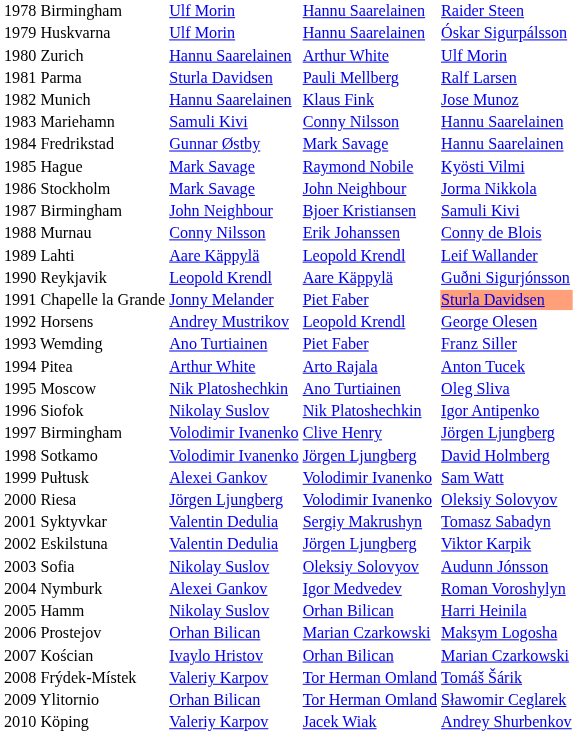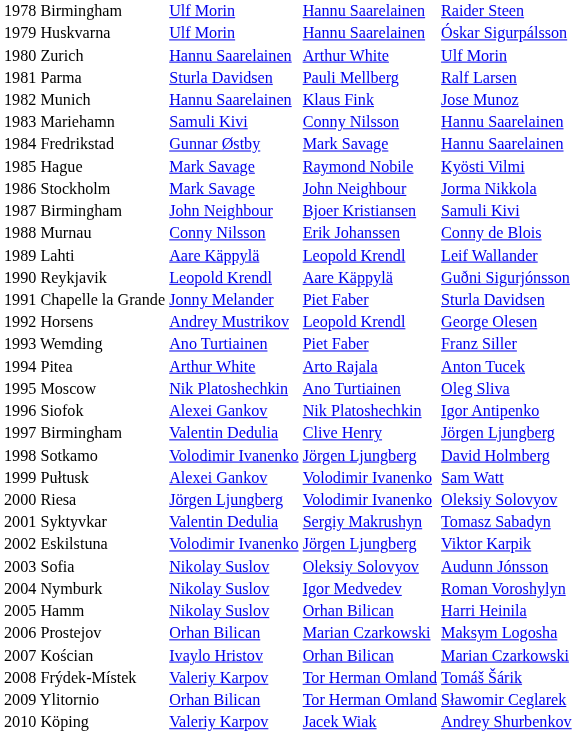 <table>
 <tr>
 <td>1978 Birmingham</td>
 <td> <a href='#'>Ulf Morin</a></td>
 <td> <a href='#'>Hannu Saarelainen</a></td>
 <td> <a href='#'>Raider Steen</a></td>
 </tr>
 <tr>
 <td>1979 Huskvarna</td>
 <td> <a href='#'>Ulf Morin</a></td>
 <td> <a href='#'>Hannu Saarelainen</a></td>
 <td> <a href='#'>Óskar Sigurpálsson</a></td>
 </tr>
 <tr>
 <td>1980 Zurich</td>
 <td> <a href='#'>Hannu Saarelainen</a></td>
 <td> <a href='#'>Arthur White</a></td>
 <td> <a href='#'>Ulf Morin</a></td>
 </tr>
 <tr>
 <td>1981 Parma</td>
 <td> <a href='#'>Sturla Davidsen</a></td>
 <td> <a href='#'>Pauli Mellberg</a></td>
 <td> <a href='#'>Ralf Larsen</a></td>
 </tr>
 <tr>
 <td>1982 Munich</td>
 <td> <a href='#'>Hannu Saarelainen</a></td>
 <td> <a href='#'>Klaus Fink</a></td>
 <td> <a href='#'>Jose Munoz</a></td>
 </tr>
 <tr>
 <td>1983 Mariehamn</td>
 <td> <a href='#'>Samuli Kivi</a></td>
 <td> <a href='#'>Conny Nilsson</a></td>
 <td> <a href='#'>Hannu Saarelainen</a></td>
 </tr>
 <tr>
 <td>1984 Fredrikstad</td>
 <td> <a href='#'>Gunnar Østby</a></td>
 <td> <a href='#'>Mark Savage</a></td>
 <td> <a href='#'>Hannu Saarelainen</a></td>
 </tr>
 <tr>
 <td>1985 Hague</td>
 <td> <a href='#'>Mark Savage</a></td>
 <td> <a href='#'>Raymond Nobile</a></td>
 <td> <a href='#'>Kyösti Vilmi</a></td>
 </tr>
 <tr>
 <td>1986 Stockholm</td>
 <td> <a href='#'>Mark Savage</a></td>
 <td> <a href='#'>John Neighbour</a></td>
 <td> <a href='#'>Jorma Nikkola</a></td>
 </tr>
 <tr>
 <td>1987 Birmingham</td>
 <td> <a href='#'>John Neighbour</a></td>
 <td> <a href='#'>Bjoer Kristiansen</a></td>
 <td> <a href='#'>Samuli Kivi</a></td>
 </tr>
 <tr>
 <td>1988 Murnau</td>
 <td> <a href='#'>Conny Nilsson</a></td>
 <td> <a href='#'>Erik Johanssen</a></td>
 <td> <a href='#'>Conny de Blois</a></td>
 </tr>
 <tr>
 <td>1989 Lahti</td>
 <td> <a href='#'>Aare Käppylä</a></td>
 <td> <a href='#'>Leopold Krendl</a></td>
 <td> <a href='#'>Leif Wallander</a></td>
 </tr>
 <tr>
 <td>1990 Reykjavik</td>
 <td> <a href='#'>Leopold Krendl</a></td>
 <td> <a href='#'>Aare Käppylä</a></td>
 <td> <a href='#'>Guðni Sigurjónsson</a></td>
 </tr>
 <tr>
 <td>1991 Chapelle la Grande</td>
 <td> <a href='#'>Jonny Melander</a></td>
 <td> <a href='#'>Piet Faber</a></td>
-<td style="background: lightsalmon;"> <a href='#'>Sturla Davidsen</a></td>
+<td> <a href='#'>Sturla Davidsen</a></td>
 </tr>
 <tr>
 <td>1992 Horsens</td>
 <td> <a href='#'>Andrey Mustrikov</a></td>
 <td> <a href='#'>Leopold Krendl</a></td>
 <td> <a href='#'>George Olesen</a></td>
 </tr>
 <tr>
 <td>1993 Wemding</td>
 <td> <a href='#'>Ano Turtiainen</a></td>
 <td> <a href='#'>Piet Faber</a></td>
 <td> <a href='#'>Franz Siller</a></td>
 </tr>
 <tr>
 <td>1994 Pitea</td>
 <td> <a href='#'>Arthur White</a></td>
 <td> <a href='#'>Arto Rajala</a></td>
 <td> <a href='#'>Anton Tucek</a></td>
 </tr>
 <tr>
 <td>1995 Moscow</td>
 <td> <a href='#'>Nik Platoshechkin</a></td>
 <td> <a href='#'>Ano Turtiainen</a></td>
 <td> <a href='#'>Oleg Sliva</a></td>
 </tr>
 <tr>
 <td>1996 Siofok</td>
-<td> <a href='#'>Nikolay Suslov</a></td>
+<td> <a href='#'>Alexei Gankov</a></td>
 <td> <a href='#'>Nik Platoshechkin</a></td>
 <td> <a href='#'>Igor Antipenko</a></td>
 </tr>
 <tr>
 <td>1997 Birmingham</td>
-<td> <a href='#'>Volodimir Ivanenko</a></td>
+<td> <a href='#'>Valentin Dedulia</a></td>
 <td> <a href='#'>Clive Henry</a></td>
 <td> <a href='#'>Jörgen Ljungberg</a></td>
 </tr>
 <tr>
 <td>1998 Sotkamo</td>
 <td> <a href='#'>Volodimir Ivanenko</a></td>
 <td> <a href='#'>Jörgen Ljungberg</a></td>
 <td> <a href='#'>David Holmberg</a></td>
 </tr>
 <tr>
 <td>1999 Pułtusk</td>
 <td> <a href='#'>Alexei Gankov</a></td>
 <td> <a href='#'>Volodimir Ivanenko</a></td>
 <td> <a href='#'>Sam Watt</a></td>
 </tr>
 <tr>
 <td>2000 Riesa</td>
 <td> <a href='#'>Jörgen Ljungberg</a></td>
 <td> <a href='#'>Volodimir Ivanenko</a></td>
 <td> <a href='#'>Oleksiy Solovyov</a></td>
 </tr>
 <tr>
 <td>2001 Syktyvkar</td>
 <td> <a href='#'>Valentin Dedulia</a></td>
 <td> <a href='#'>Sergiy Makrushyn</a></td>
 <td> <a href='#'>Tomasz Sabadyn</a></td>
 </tr>
 <tr>
 <td>2002 Eskilstuna</td>
-<td> <a href='#'>Valentin Dedulia</a></td>
+<td> <a href='#'>Volodimir Ivanenko</a></td>
 <td> <a href='#'>Jörgen Ljungberg</a></td>
 <td> <a href='#'>Viktor Karpik</a></td>
 </tr>
 <tr>
 <td>2003 Sofia</td>
 <td> <a href='#'>Nikolay Suslov</a></td>
 <td> <a href='#'>Oleksiy Solovyov</a></td>
 <td> <a href='#'>Audunn Jónsson</a></td>
 </tr>
 <tr>
 <td>2004 Nymburk</td>
-<td> <a href='#'>Alexei Gankov</a></td>
+<td> <a href='#'>Nikolay Suslov</a></td>
 <td> <a href='#'>Igor Medvedev</a></td>
 <td> <a href='#'>Roman Voroshylyn</a></td>
 </tr>
 <tr>
 <td>2005 Hamm</td>
 <td> <a href='#'>Nikolay Suslov</a></td>
 <td> <a href='#'>Orhan Bilican</a></td>
 <td> <a href='#'>Harri Heinila</a></td>
 </tr>
 <tr>
 <td>2006 Prostejov</td>
 <td> <a href='#'>Orhan Bilican</a></td>
 <td> <a href='#'>Marian Czarkowski</a></td>
 <td> <a href='#'>Maksym Logosha</a></td>
 </tr>
 <tr>
 <td>2007 Kościan</td>
 <td> <a href='#'>Ivaylo Hristov</a></td>
 <td> <a href='#'>Orhan Bilican</a></td>
 <td> <a href='#'>Marian Czarkowski</a></td>
 </tr>
 <tr>
 <td>2008 Frýdek-Místek</td>
 <td> <a href='#'>Valeriy Karpov</a></td>
 <td> <a href='#'>Tor Herman Omland</a></td>
 <td> <a href='#'>Tomáš Šárik</a></td>
 </tr>
 <tr>
 <td>2009 Ylitornio</td>
 <td> <a href='#'>Orhan Bilican</a></td>
 <td> <a href='#'>Tor Herman Omland</a></td>
 <td> <a href='#'>Sławomir Ceglarek</a></td>
 </tr>
 <tr>
 <td>2010 Köping</td>
 <td> <a href='#'>Valeriy Karpov</a></td>
 <td> <a href='#'>Jacek Wiak</a></td>
 <td> <a href='#'>Andrey Shurbenkov</a></td>
 </tr>
 </table>
